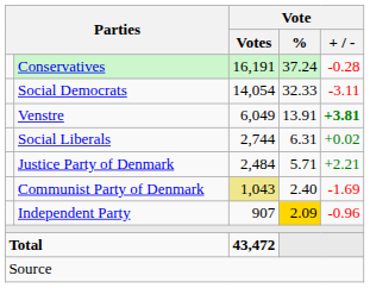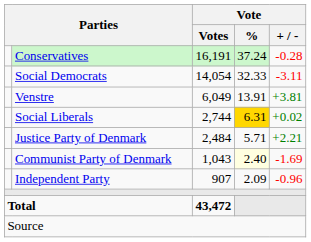 <table class="wikitable" style="text-align:right;">
 <tr>
 <th style="text-align:centre;" rowspan="2" colspan="2" width="225">Parties</th>
 <th colspan="3">Vote</th>
 </tr>
 <tr>
 <th width="15">Votes</th>
 <th width="15">%</th>
 <th width="15">+ / -</th>
 </tr>
 <tr>
 <td width="2" style="color:inherit;background:"></td>
 <td bgcolor=#ccf7cc  align="left"><a href='#'>Conservatives</a></td>
 <td bgcolor=#ccf7cc>16,191</td>
 <td bgcolor=#ccf7cc>37.24</td>
 <td style=color:red;>-0.28</td>
 </tr>
 <tr>
 <td width="2" style="color:inherit;background:"></td>
 <td align="left"><a href='#'>Social Democrats</a></td>
 <td>14,054</td>
 <td>32.33</td>
 <td style=color:red;>-3.11</td>
 </tr>
 <tr>
 <td width="2" style="color:inherit;background:"></td>
 <td align="left"><a href='#'>Venstre</a></td>
 <td>6,049</td>
 <td>13.91</td>
-<td style=color:green;><strong>+3.81</strong></td>
+<td style=color:green;>+3.81</td>
 </tr>
 <tr>
 <td width="2" style="color:inherit;background:"></td>
 <td align="left"><a href='#'>Social Liberals</a></td>
 <td>2,744</td>
-<td>6.31</td>
+<td style="background: gold;">6.31</td>
 <td style=color:green;>+0.02</td>
 </tr>
 <tr>
 <td width="2" style="color:inherit;background:"></td>
 <td align="left"><a href='#'>Justice Party of Denmark</a></td>
 <td>2,484</td>
 <td>5.71</td>
 <td style=color:green;>+2.21</td>
 </tr>
 <tr>
 <td width="2" style="color:inherit;background:"></td>
 <td align="left"><a href='#'>Communist Party of Denmark</a></td>
-<td style="background: khaki;">1,043</td>
-<td>2.40</td>
+<td>1,043</td>
+<td style="background: lightyellow;">2.40</td>
 <td style=color:red;>-1.69</td>
 </tr>
 <tr>
 <td width="2" style="color:inherit;background:"></td>
 <td align="left"><a href='#'>Independent Party</a></td>
 <td>907</td>
-<td style="background: gold;">2.09</td>
+<td>2.09</td>
 <td style=color:red;>-0.96</td>
 </tr>
 <tr>
 <td colspan="7" bgcolor="#E9E9E9"></td>
 </tr>
 <tr>
 <td align="left" colspan="2"><strong>Total</strong></td>
 <td><strong>43,472</strong></td>
 <td bgcolor="#E9E9E9" colspan="2"></td>
 </tr>
 <tr>
 <td align="left" colspan="6">Source</td>
 </tr>
 </table>
